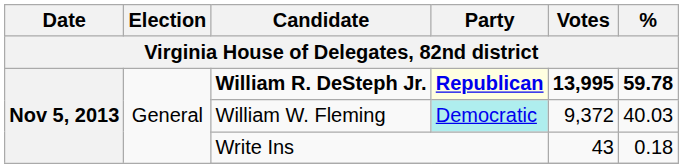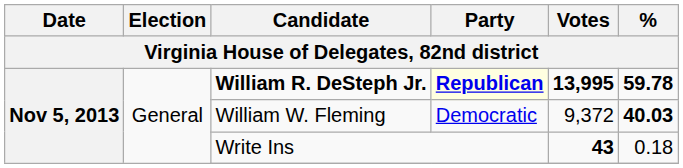 <table class="wikitable">
 <tr>
 <th>Date</th>
 <th>Election</th>
 <th>Candidate</th>
 <th>Party</th>
 <th>Votes</th>
 <th>%</th>
 </tr>
 <tr>
 <th colspan="6">Virginia House of Delegates, 82nd district</th>
 </tr>
 <tr>
 <th rowspan="4">Nov 5, 2013</th>
 <td rowspan="4" align="center">General</td>
 <td><strong>William R. DeSteph Jr.</strong></td>
 <td style="background: lightyellow;"><strong><a href='#'>Republican</a></strong></td>
 <td align="right"><strong>13,995</strong></td>
 <td align="right"><strong>59.78</strong></td>
 </tr>
 <tr>
 <td>William W. Fleming</td>
-<td style="background: paleturquoise;"><a href='#'>Democratic</a></td>
+<td><a href='#'>Democratic</a></td>
 <td align="right">9,372</td>
-<td align="right">40.03</td>
+<td align="right"><strong>40.03</strong></td>
 </tr>
 <tr>
 <td colspan="2">Write Ins</td>
-<td align="right">43</td>
+<td align="right"><strong>43</strong></td>
 <td align="right">0.18</td>
 </tr>
 <tr>
 </tr>
 </table>
